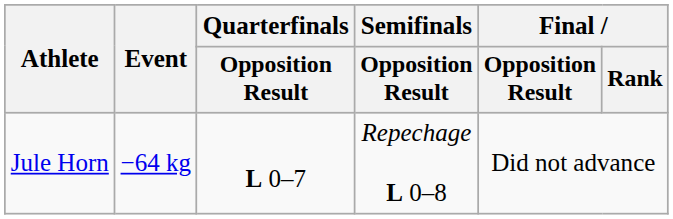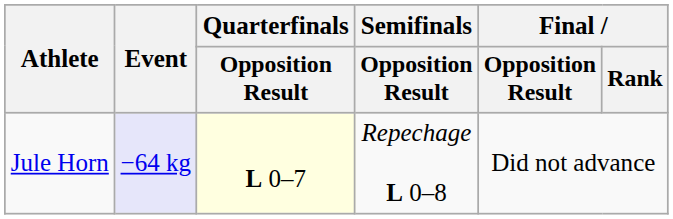 <table class="wikitable" style="text-align:center; font-size:90%">
 <tr>
 <th rowspan=2>Athlete</th>
 <th rowspan=2>Event</th>
 <th>Quarterfinals</th>
 <th>Semifinals</th>
 <th colspan=2>Final / </th>
 </tr>
 <tr style="font-size:95%">
 <th>Opposition<br>Result</th>
 <th>Opposition<br>Result</th>
 <th>Opposition<br>Result</th>
 <th>Rank</th>
 </tr>
 <tr>
 <td align=left><a href='#'>Jule Horn</a></td>
-<td align=left><a href='#'>−64 kg</a></td>
-<td><br> <strong>L</strong> 0–7</td>
+<td align=left style="background: lavender;"><a href='#'>−64 kg</a></td>
+<td style="background: lightyellow;"><br> <strong>L</strong> 0–7</td>
 <td><em>Repechage</em><br><br> <strong>L</strong> 0–8</td>
 <td colspan=2>Did not advance</td>
 </tr>
 </table>
